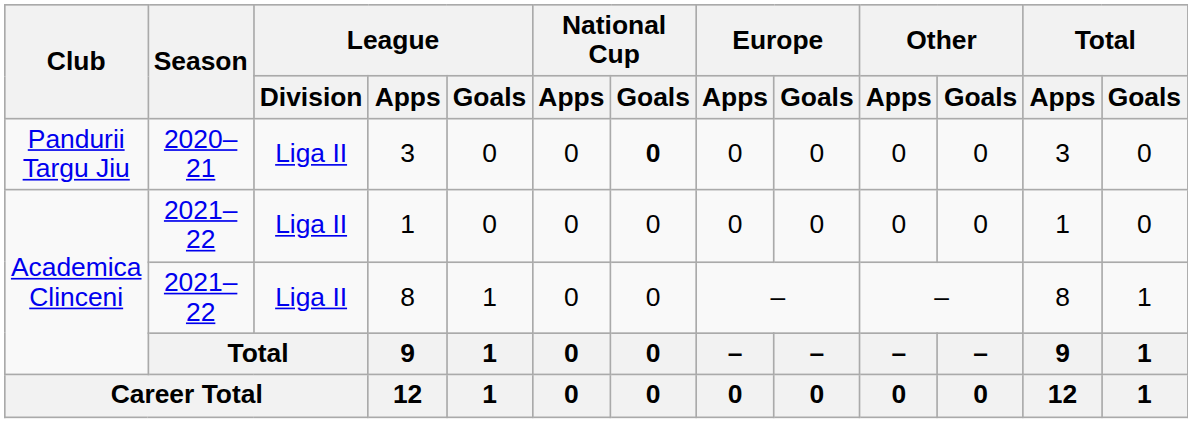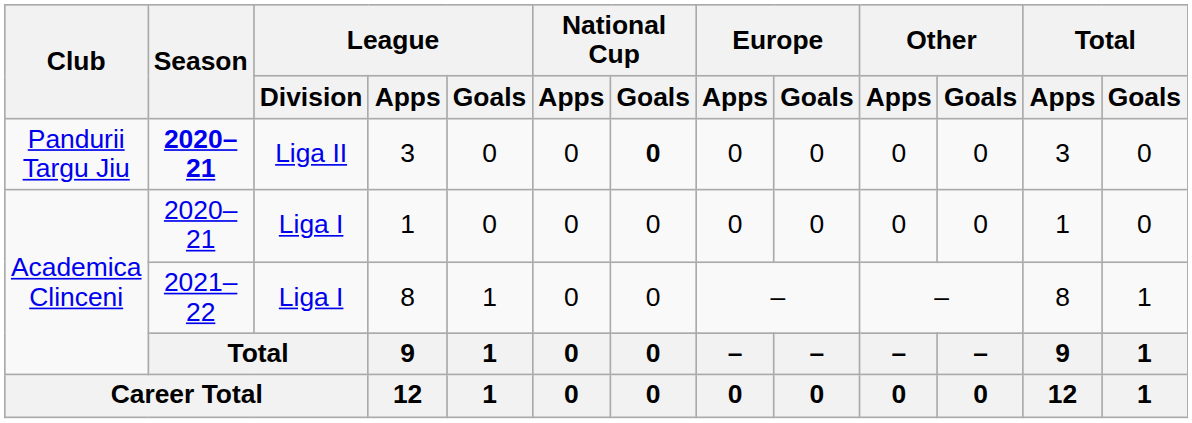 <table class=wikitable style=text-align:center>
 <tr>
 <th rowspan=2>Club</th>
 <th rowspan=2>Season</th>
 <th colspan=3>League</th>
 <th colspan=2>National Cup</th>
 <th colspan=2>Europe</th>
 <th colspan=2>Other</th>
 <th colspan=2>Total</th>
 </tr>
 <tr>
 <th>Division</th>
 <th>Apps</th>
 <th>Goals</th>
 <th>Apps</th>
 <th>Goals</th>
 <th>Apps</th>
 <th>Goals</th>
 <th>Apps</th>
 <th>Goals</th>
 <th>Apps</th>
 <th>Goals</th>
 </tr>
 <tr>
 <td><a href='#'>Pandurii Targu Jiu</a></td>
-<td><a href='#'>2020–21</a></td>
+<td><strong><a href='#'>2020–21</a></strong></td>
 <td><a href='#'>Liga II</a></td>
 <td>3</td>
 <td>0</td>
 <td>0</td>
 <td><strong>0</strong></td>
 <td>0</td>
 <td>0</td>
 <td>0</td>
 <td>0</td>
 <td>3</td>
 <td>0</td>
 </tr>
 <tr>
 <td rowspan="3"><a href='#'>Academica Clinceni</a></td>
-<td><a href='#'>2021–22</a></td>
-<td><a href='#'>Liga II</a></td>
+<td><a href='#'>2020–21</a></td>
+<td><a href='#'>Liga I</a></td>
 <td>1</td>
 <td>0</td>
 <td>0</td>
 <td>0</td>
 <td>0</td>
 <td>0</td>
 <td>0</td>
 <td>0</td>
 <td>1</td>
 <td>0</td>
 </tr>
 <tr>
 <td><a href='#'>2021–22</a></td>
-<td><a href='#'>Liga II</a></td>
+<td><a href='#'>Liga I</a></td>
 <td>8</td>
 <td>1</td>
 <td>0</td>
 <td>0</td>
 <td colspan="2">–</td>
 <td colspan="2">–</td>
 <td>8</td>
 <td>1</td>
 </tr>
 <tr>
 <th colspan="2">Total</th>
 <th>9</th>
 <th>1</th>
 <th>0</th>
 <th>0</th>
 <th>–</th>
 <th>–</th>
 <th>–</th>
 <th>–</th>
 <th>9</th>
 <th>1</th>
 </tr>
 <tr>
 <th colspan="3">Career Total</th>
 <th>12</th>
 <th>1</th>
 <th>0</th>
 <th>0</th>
 <th>0</th>
 <th>0</th>
 <th>0</th>
 <th>0</th>
 <th>12</th>
 <th>1</th>
 </tr>
 </table>
